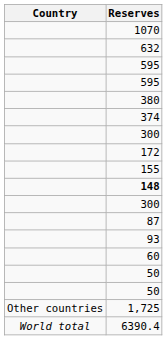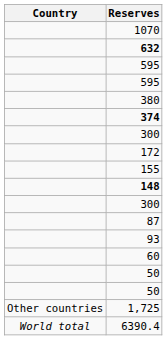 <table class="wikitable sortable collapsible" cellpadding="3" rules="all" style="background:#f9f9f9; border:1px #aaa solid">
 <tr>
 <th>Country</th>
 <th data-sort-type="number">Reserves</th>
 </tr>
 <tr>
 <td></td>
 <td align="right">1070</td>
 </tr>
 <tr>
 <td></td>
-<td align="right">632</td>
+<td align="right"><strong>632</strong></td>
 </tr>
 <tr>
 <td></td>
 <td align="right">595</td>
 </tr>
 <tr>
 <td></td>
 <td align="right">595</td>
 </tr>
 <tr>
 <td></td>
 <td align="right">380</td>
 </tr>
 <tr>
 <td></td>
-<td align="right">374</td>
+<td align="right"><strong>374</strong></td>
 </tr>
 <tr>
 <td></td>
 <td align="right">300</td>
 </tr>
 <tr>
 <td></td>
 <td align="right">172</td>
 </tr>
 <tr>
 <td></td>
 <td align="right">155</td>
 </tr>
 <tr>
 <td></td>
 <td align="right"><strong>148</strong></td>
 </tr>
 <tr>
 <td></td>
 <td align="right">300</td>
 </tr>
 <tr>
 <td></td>
 <td align="right">87</td>
 </tr>
 <tr>
 <td></td>
 <td align="right">93</td>
 </tr>
 <tr>
 <td></td>
 <td align="right">60</td>
 </tr>
 <tr>
 <td></td>
 <td align="right">50</td>
 </tr>
 <tr>
 <td></td>
 <td align="right">50</td>
 </tr>
 <tr>
 <td>Other countries</td>
 <td align="right">1,725</td>
 </tr>
 <tr>
 <td align="center"><em>World total</em></td>
 <td align="right">6390.4</td>
 </tr>
 </table>
